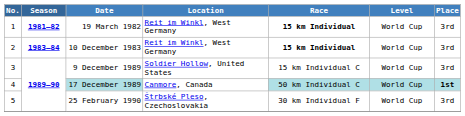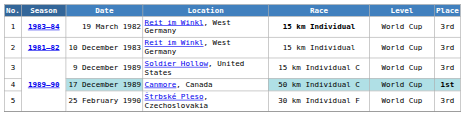 <table class="wikitable sortable" style="font-size:95%; text-align:center; border:grey solid 1px; border-collapse:collapse; background:#ffffff;">
 <tr style="background:#efefef;">
 <th style="background-color:#369; color:white;">No.</th>
 <th style="background-color:#369; color:white;">Season</th>
 <th style="background-color:#4180be; color:white; width:120px;">Date</th>
 <th style="background-color:#4180be; color:white; width:200px;">Location</th>
 <th style="background-color:#4180be; color:white; width:160px;">Race</th>
 <th style="background-color:#4180be; color:white; width:100px;">Level</th>
 <th style="background-color:#4180be; color:white;">Place</th>
 </tr>
 <tr>
 <td align=center>1</td>
-<td rowspan=1 align=center><strong> <a href='#'>1981–82</a> </strong></td>
+<td rowspan=1 align=center><strong> <a href='#'>1983–84</a> </strong></td>
 <td align=right>19 March 1982</td>
 <td align=left> <a href='#'>Reit im Winkl</a>, West Germany</td>
 <td><strong>15 km Individual</strong></td>
 <td>World Cup</td>
 <td>3rd</td>
 </tr>
 <tr>
 <td align=center>2</td>
-<td rowspan=1 align=center><strong> <a href='#'>1983–84</a> </strong></td>
+<td rowspan=1 align=center><strong> <a href='#'>1981–82</a> </strong></td>
 <td align=right>10 December 1983</td>
 <td align=left> <a href='#'>Reit im Winkl</a>, West Germany</td>
-<td><strong>15 km Individual</strong></td>
+<td>15 km Individual</td>
 <td>World Cup</td>
 <td>3rd</td>
 </tr>
 <tr>
 <td align=center>3</td>
 <td rowspan=3 align=center><strong> <a href='#'>1989–90</a> </strong></td>
 <td align=right>9 December 1989</td>
 <td align=left> <a href='#'>Soldier Hollow</a>, United States</td>
 <td>15 km Individual C</td>
 <td>World Cup</td>
 <td>3rd</td>
 </tr>
 <tr>
 <td align=center>4</td>
 <td bgcolor="#BOEOE6" align=right>17 December 1989</td>
 <td align=left> <a href='#'>Canmore</a>, Canada</td>
 <td bgcolor="#BOEOE6">50 km Individual C</td>
 <td bgcolor="#BOEOE6">World Cup</td>
 <td bgcolor="#BOEOE6"><strong>1st</strong></td>
 </tr>
 <tr>
 <td align=center>5</td>
 <td align=right>25 February 1990</td>
 <td align=left> <a href='#'>Štrbské Pleso</a>, Czechoslovakia</td>
 <td>30 km Individual F</td>
 <td>World Cup</td>
 <td>3rd</td>
 </tr>
 <tr>
 </tr>
 </table>
